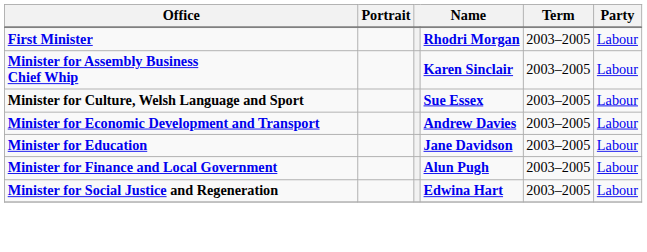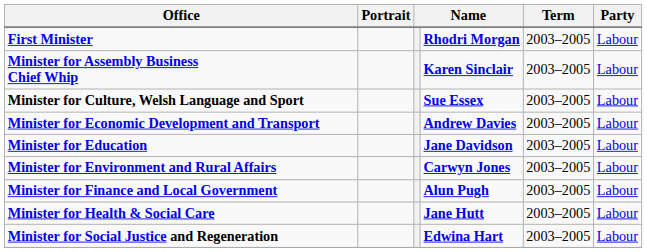 <table class="wikitable">
 <tr style="border-bottom: 2px solid gray;">
 <th style="width: 390px">Office</th>
 <th>Portrait</th>
 <th colspan="2">Name</th>
 <th>Term</th>
 <th>Party</th>
 </tr>
 <tr>
 <td><strong><a href='#'>First Minister</a></strong></td>
 <td></td>
 <th style="background-color: "></th>
 <td><strong><a href='#'>Rhodri Morgan</a></strong></td>
 <td>2003–2005</td>
 <td><a href='#'>Labour</a></td>
 </tr>
 <tr>
 <td><strong><a href='#'>Minister for Assembly Business</a></strong><br><strong><a href='#'>Chief Whip</a></strong></td>
 <td></td>
 <th style="background-color: "></th>
 <td><strong><a href='#'>Karen Sinclair</a></strong></td>
 <td>2003–2005</td>
 <td><a href='#'>Labour</a></td>
 </tr>
 <tr>
 <td><strong>Minister for Culture, Welsh Language and Sport</strong></td>
 <td></td>
 <th style="background-color: "></th>
 <td><strong><a href='#'>Sue Essex</a></strong></td>
 <td>2003–2005</td>
 <td><a href='#'>Labour</a></td>
 </tr>
 <tr>
 <td><strong><a href='#'>Minister for Economic Development and Transport</a></strong></td>
 <td></td>
 <th style="background-color: "></th>
 <td><strong><a href='#'>Andrew Davies</a></strong></td>
 <td>2003–2005</td>
 <td><a href='#'>Labour</a></td>
 </tr>
 <tr>
 <td><strong><a href='#'>Minister for Education</a></strong></td>
 <td></td>
 <th style="background-color: "></th>
 <td><strong><a href='#'>Jane Davidson</a></strong></td>
 <td>2003–2005</td>
 <td><a href='#'>Labour</a></td>
 </tr>
 <tr>
+<td><strong><a href='#'>Minister for Environment and Rural Affairs</a></strong></td>
+<td></td>
+<th style="background-color: "></th>
+<td><strong><a href='#'>Carwyn Jones</a></strong></td>
+<td>2003–2005</td>
+<td><a href='#'>Labour</a></td>
+</tr>
+<tr>
 <td><strong><a href='#'>Minister for Finance and Local Government</a></strong></td>
 <td></td>
 <th style="background-color: "></th>
 <td><strong><a href='#'>Alun Pugh</a></strong></td>
+<td>2003–2005</td>
+<td><a href='#'>Labour</a></td>
+</tr>
+<tr>
+<td><strong><a href='#'>Minister for Health & Social Care</a></strong></td>
+<td></td>
+<th style="background-color: "></th>
+<td><strong><a href='#'>Jane Hutt</a></strong></td>
 <td>2003–2005</td>
 <td><a href='#'>Labour</a></td>
 </tr>
 <tr>
 <td><strong><a href='#'>Minister for Social Justice</a> and Regeneration</strong></td>
 <td></td>
 <th style="background-color: "></th>
 <td><strong><a href='#'>Edwina Hart</a></strong></td>
 <td>2003–2005</td>
 <td><a href='#'>Labour</a></td>
 </tr>
 <tr>
 </tr>
 </table>
